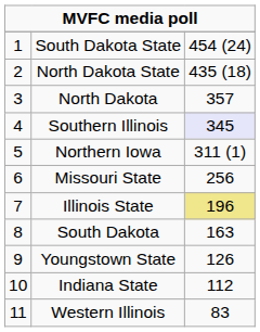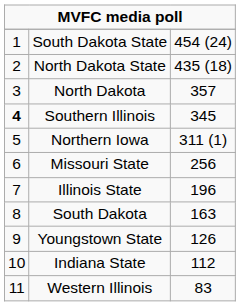 <table class="wikitable" style="display: inline-table;">
 <tr>
 <td align="center" Colspan="3"><strong>MVFC media poll</strong></td>
 </tr>
 <tr align="center">
 </tr>
 <tr align="center">
 <td>1</td>
 <td>South Dakota State</td>
 <td>454 (24)</td>
 </tr>
 <tr align="center">
 <td>2</td>
 <td>North Dakota State</td>
 <td>435 (18)</td>
 </tr>
 <tr align="center">
 <td>3</td>
 <td>North Dakota</td>
 <td>357</td>
 </tr>
 <tr align="center">
-<td>4</td>
+<td><strong>4</strong></td>
 <td>Southern Illinois</td>
-<td style="background: lavender;">345</td>
+<td>345</td>
 </tr>
 <tr align="center">
 <td>5</td>
 <td>Northern Iowa</td>
 <td>311 (1)</td>
 </tr>
 <tr align="center">
 <td>6</td>
 <td>Missouri State</td>
 <td>256</td>
 </tr>
 <tr align="center">
 <td>7</td>
 <td>Illinois State</td>
-<td style="background: khaki;">196</td>
+<td>196</td>
 </tr>
 <tr align="center">
 <td>8</td>
 <td>South Dakota</td>
 <td>163</td>
 </tr>
 <tr align="center">
 <td>9</td>
 <td>Youngstown State</td>
 <td>126</td>
 </tr>
 <tr align="center">
 <td>10</td>
 <td>Indiana State</td>
 <td>112</td>
 </tr>
 <tr align="center">
 <td>11</td>
 <td>Western Illinois</td>
 <td>83</td>
 </tr>
 </table>
